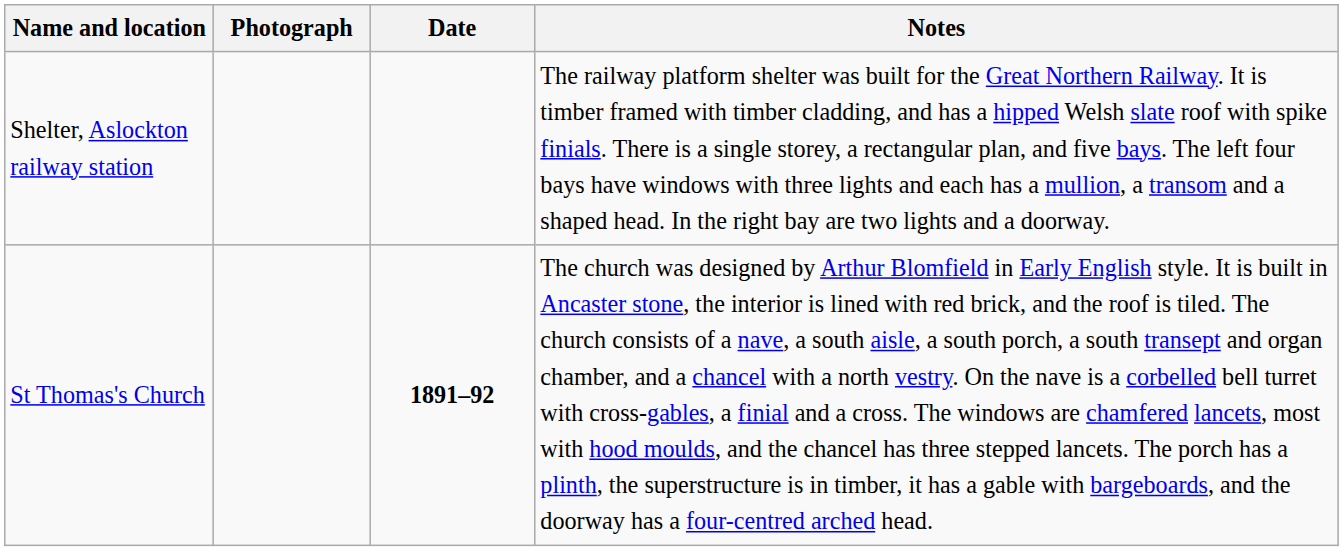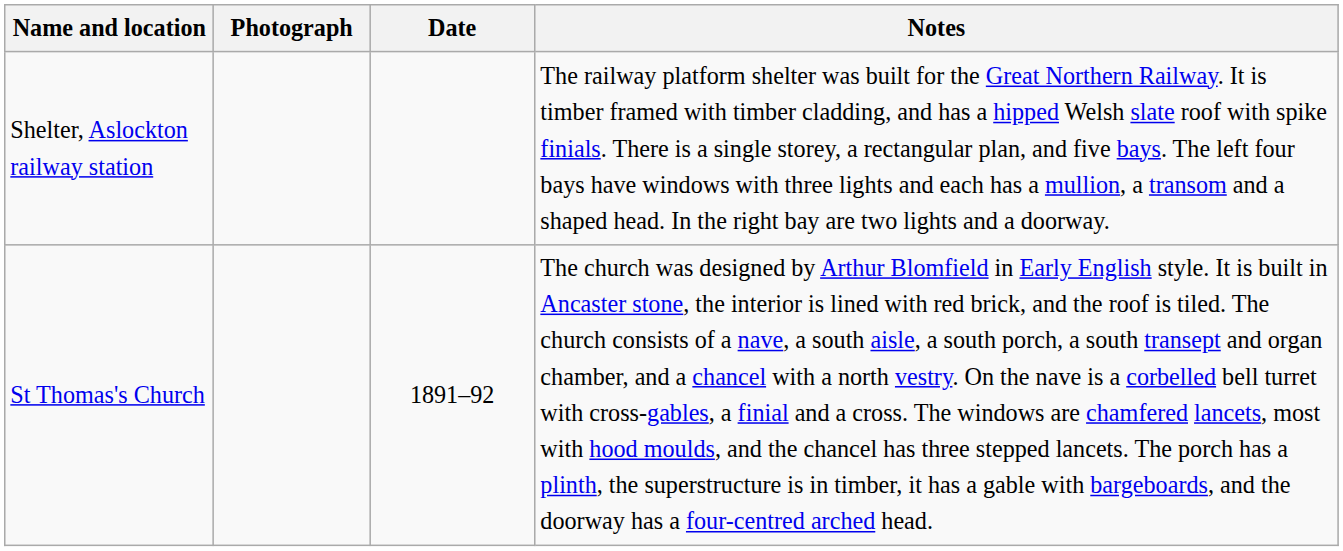 <table class="wikitable sortable plainrowheaders" style="width:100%; border:0px; text-align:left; line-height:150%">
 <tr>
 <th scope="col"  style="width:150px">Name and location</th>
 <th scope="col"  style="width:100px" class="unsortable">Photograph</th>
 <th scope="col"  style="width:120px">Date</th>
 <th scope="col"  style="width:650px" class="unsortable">Notes</th>
 </tr>
 <tr>
 <td>Shelter, <a href='#'>Aslockton railway station</a><br><small></small></td>
 <td></td>
 <td align="center"></td>
 <td>The railway platform shelter was built for the <a href='#'>Great Northern Railway</a>.  It is timber framed with timber cladding, and has a <a href='#'>hipped</a> Welsh <a href='#'>slate</a> roof with spike <a href='#'>finials</a>.  There is a single storey, a rectangular plan, and five <a href='#'>bays</a>.  The left four bays have windows with three lights and each has a <a href='#'>mullion</a>, a <a href='#'>transom</a> and a shaped head.  In the right bay are two lights and a doorway.</td>
 </tr>
 <tr>
 <td><a href='#'>St Thomas's Church</a><br><small></small></td>
 <td></td>
-<td align="center"><strong>1891–92</strong></td>
+<td align="center">1891–92</td>
 <td>The church was designed by <a href='#'>Arthur Blomfield</a> in <a href='#'>Early English</a> style.  It is built in <a href='#'>Ancaster stone</a>, the interior is lined with red brick, and the roof is tiled.  The church consists of a <a href='#'>nave</a>, a south <a href='#'>aisle</a>, a south porch, a south <a href='#'>transept</a> and organ chamber, and a <a href='#'>chancel</a> with a north <a href='#'>vestry</a>.  On the nave is a <a href='#'>corbelled</a> bell turret with cross-<a href='#'>gables</a>, a <a href='#'>finial</a> and a cross.  The windows are <a href='#'>chamfered</a> <a href='#'>lancets</a>, most with <a href='#'>hood moulds</a>, and the chancel has three stepped lancets.  The porch has a <a href='#'>plinth</a>, the superstructure is in timber, it has a gable with <a href='#'>bargeboards</a>, and the doorway has a <a href='#'>four-centred arched</a> head.</td>
 </tr>
 <tr>
 </tr>
 </table>
